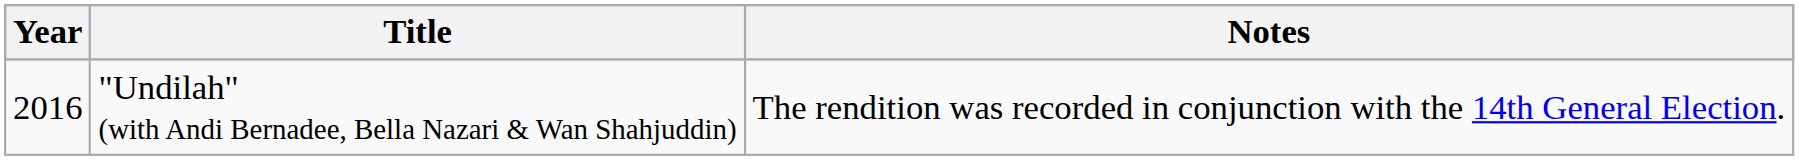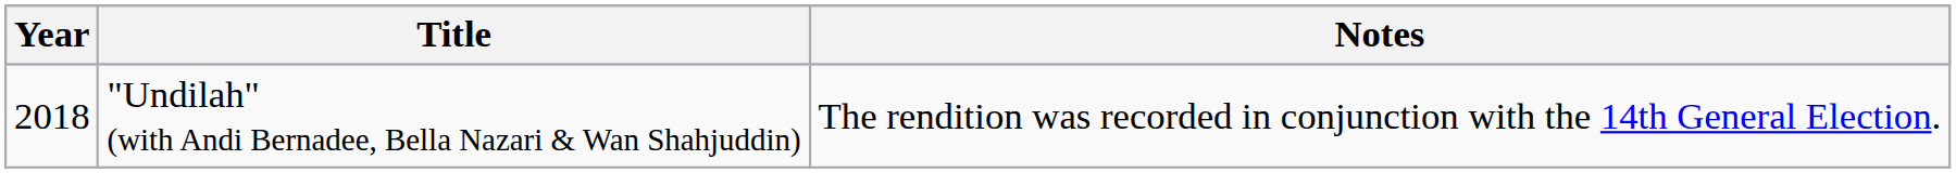 <table class="wikitable">
 <tr style="background:#96c; text-align:center;">
 <th style="text-align:center;">Year</th>
 <th>Title</th>
 <th>Notes</th>
 </tr>
 <tr>
-<td>2016</td>
+<td>2018</td>
 <td>"Undilah"<br><small>(with Andi Bernadee, Bella Nazari & Wan Shahjuddin)</small></td>
 <td>The rendition was recorded in conjunction with the <a href='#'>14th General Election</a>.</td>
 </tr>
 </table>
